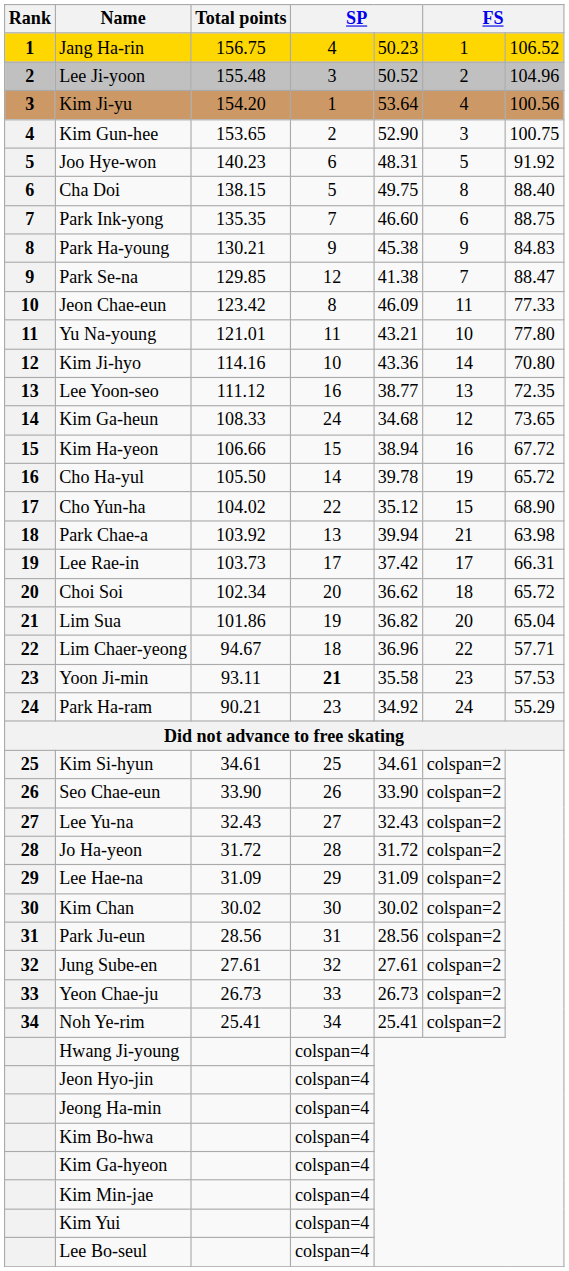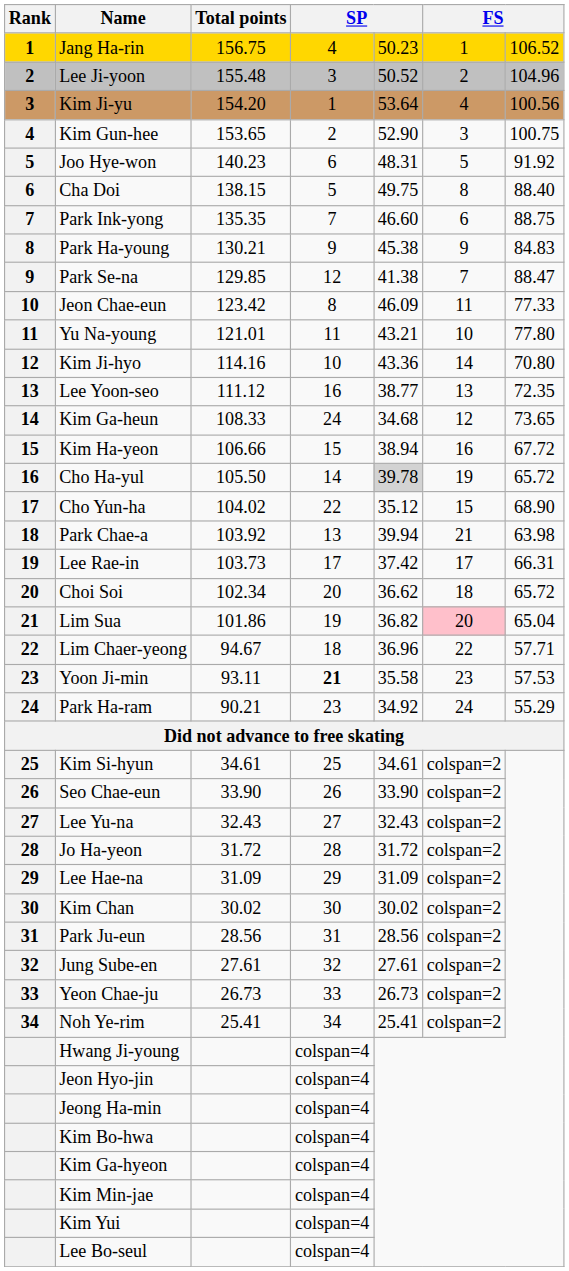 <table class="wikitable sortable">
 <tr>
 <th>Rank</th>
 <th>Name</th>
 <th>Total points</th>
 <th colspan="2" width="80px"><a href='#'>SP</a></th>
 <th colspan="2" width="80px"><a href='#'>FS</a></th>
 </tr>
 <tr bgcolor="gold">
 <td align="center"><strong>1</strong></td>
 <td>Jang Ha-rin</td>
 <td align="center">156.75</td>
 <td align="center">4</td>
 <td align="center">50.23</td>
 <td align="center">1</td>
 <td align="center">106.52</td>
 </tr>
 <tr bgcolor="silver">
 <td align="center"><strong>2</strong></td>
 <td>Lee Ji-yoon</td>
 <td align="center">155.48</td>
 <td align="center">3</td>
 <td align="center">50.52</td>
 <td align="center">2</td>
 <td align="center">104.96</td>
 </tr>
 <tr bgcolor="cc9966">
 <td align="center"><strong>3</strong></td>
 <td>Kim Ji-yu</td>
 <td align="center">154.20</td>
 <td align="center">1</td>
 <td align="center">53.64</td>
 <td align="center">4</td>
 <td align="center">100.56</td>
 </tr>
 <tr>
 <th>4</th>
 <td>Kim Gun-hee</td>
 <td align="center">153.65</td>
 <td align="center">2</td>
 <td align="center">52.90</td>
 <td align="center">3</td>
 <td align="center">100.75</td>
 </tr>
 <tr>
 <th>5</th>
 <td>Joo Hye-won</td>
 <td align="center">140.23</td>
 <td align="center">6</td>
 <td align="center">48.31</td>
 <td align="center">5</td>
 <td align="center">91.92</td>
 </tr>
 <tr>
 <th>6</th>
 <td>Cha Doi</td>
 <td align="center">138.15</td>
 <td align="center">5</td>
 <td align="center">49.75</td>
 <td align="center">8</td>
 <td align="center">88.40</td>
 </tr>
 <tr>
 <th>7</th>
 <td>Park Ink-yong</td>
 <td align="center">135.35</td>
 <td align="center">7</td>
 <td align="center">46.60</td>
 <td align="center">6</td>
 <td align="center">88.75</td>
 </tr>
 <tr>
 <th>8</th>
 <td>Park Ha-young</td>
 <td align="center">130.21</td>
 <td align="center">9</td>
 <td align="center">45.38</td>
 <td align="center">9</td>
 <td align="center">84.83</td>
 </tr>
 <tr>
 <th>9</th>
 <td>Park Se-na</td>
 <td align="center">129.85</td>
 <td align="center">12</td>
 <td align="center">41.38</td>
 <td align="center">7</td>
 <td align="center">88.47</td>
 </tr>
 <tr>
 <th>10</th>
 <td>Jeon Chae-eun</td>
 <td align="center">123.42</td>
 <td align="center">8</td>
 <td align="center">46.09</td>
 <td align="center">11</td>
 <td align="center">77.33</td>
 </tr>
 <tr>
 <th>11</th>
 <td>Yu Na-young</td>
 <td align="center">121.01</td>
 <td align="center">11</td>
 <td align="center">43.21</td>
 <td align="center">10</td>
 <td align="center">77.80</td>
 </tr>
 <tr>
 <th>12</th>
 <td>Kim Ji-hyo</td>
 <td align="center">114.16</td>
 <td align="center">10</td>
 <td align="center">43.36</td>
 <td align="center">14</td>
 <td align="center">70.80</td>
 </tr>
 <tr>
 <th>13</th>
 <td>Lee Yoon-seo</td>
 <td align="center">111.12</td>
 <td align="center">16</td>
 <td align="center">38.77</td>
 <td align="center">13</td>
 <td align="center">72.35</td>
 </tr>
 <tr>
 <th>14</th>
 <td>Kim Ga-heun</td>
 <td align="center">108.33</td>
 <td align="center">24</td>
 <td align="center">34.68</td>
 <td align="center">12</td>
 <td align="center">73.65</td>
 </tr>
 <tr>
 <th>15</th>
 <td>Kim Ha-yeon</td>
 <td align="center">106.66</td>
 <td align="center">15</td>
 <td align="center">38.94</td>
 <td align="center">16</td>
 <td align="center">67.72</td>
 </tr>
 <tr>
 <th>16</th>
 <td>Cho Ha-yul</td>
 <td align="center">105.50</td>
 <td align="center">14</td>
-<td align="center">39.78</td>
+<td align="center" style="background: lightgrey;">39.78</td>
 <td align="center">19</td>
 <td align="center">65.72</td>
 </tr>
 <tr>
 <th>17</th>
 <td>Cho Yun-ha</td>
 <td align="center">104.02</td>
 <td align="center">22</td>
 <td align="center">35.12</td>
 <td align="center">15</td>
 <td align="center">68.90</td>
 </tr>
 <tr>
 <th>18</th>
 <td>Park Chae-a</td>
 <td align="center">103.92</td>
 <td align="center">13</td>
 <td align="center">39.94</td>
 <td align="center">21</td>
 <td align="center">63.98</td>
 </tr>
 <tr>
 <th>19</th>
 <td>Lee Rae-in</td>
 <td align="center">103.73</td>
 <td align="center">17</td>
 <td align="center">37.42</td>
 <td align="center">17</td>
 <td align="center">66.31</td>
 </tr>
 <tr>
 <th>20</th>
 <td>Choi Soi</td>
 <td align="center">102.34</td>
 <td align="center">20</td>
 <td align="center">36.62</td>
 <td align="center">18</td>
 <td align="center">65.72</td>
 </tr>
 <tr>
 <th>21</th>
 <td>Lim Sua</td>
 <td align="center">101.86</td>
 <td align="center">19</td>
 <td align="center">36.82</td>
-<td align="center">20</td>
+<td align="center" style="background: pink;">20</td>
 <td align="center">65.04</td>
 </tr>
 <tr>
 <th>22</th>
 <td>Lim Chaer-yeong</td>
 <td align="center">94.67</td>
 <td align="center">18</td>
 <td align="center">36.96</td>
 <td align="center">22</td>
 <td align="center">57.71</td>
 </tr>
 <tr>
 <th>23</th>
 <td>Yoon Ji-min</td>
 <td align="center">93.11</td>
 <td align="center"><strong>21</strong></td>
 <td align="center">35.58</td>
 <td align="center">23</td>
 <td align="center">57.53</td>
 </tr>
 <tr>
 <th>24</th>
 <td>Park Ha-ram</td>
 <td align="center">90.21</td>
 <td align="center">23</td>
 <td align="center">34.92</td>
 <td align="center">24</td>
 <td align="center">55.29</td>
 </tr>
 <tr>
 <th colspan="7">Did not advance to free skating</th>
 </tr>
 <tr>
 <th>25</th>
 <td>Kim Si-hyun</td>
 <td align="center">34.61</td>
 <td align="center">25</td>
 <td align="center">34.61</td>
 <td>colspan=2 </td>
 </tr>
 <tr>
 <th>26</th>
 <td>Seo Chae-eun</td>
 <td align="center">33.90</td>
 <td align="center">26</td>
 <td align="center">33.90</td>
 <td>colspan=2 </td>
 </tr>
 <tr>
 <th>27</th>
 <td>Lee Yu-na</td>
 <td align="center">32.43</td>
 <td align="center">27</td>
 <td align="center">32.43</td>
 <td>colspan=2 </td>
 </tr>
 <tr>
 <th>28</th>
 <td>Jo Ha-yeon</td>
 <td align="center">31.72</td>
 <td align="center">28</td>
 <td align="center">31.72</td>
 <td>colspan=2 </td>
 </tr>
 <tr>
 <th>29</th>
 <td>Lee Hae-na</td>
 <td align="center">31.09</td>
 <td align="center">29</td>
 <td align="center">31.09</td>
 <td>colspan=2 </td>
 </tr>
 <tr>
 <th>30</th>
 <td>Kim Chan</td>
 <td align="center">30.02</td>
 <td align="center">30</td>
 <td align="center">30.02</td>
 <td>colspan=2 </td>
 </tr>
 <tr>
 <th>31</th>
 <td>Park Ju-eun</td>
 <td align="center">28.56</td>
 <td align="center">31</td>
 <td align="center">28.56</td>
 <td>colspan=2 </td>
 </tr>
 <tr>
 <th>32</th>
 <td>Jung Sube-en</td>
 <td align="center">27.61</td>
 <td align="center">32</td>
 <td align="center">27.61</td>
 <td>colspan=2 </td>
 </tr>
 <tr>
 <th>33</th>
 <td>Yeon Chae-ju</td>
 <td align="center">26.73</td>
 <td align="center">33</td>
 <td align="center">26.73</td>
 <td>colspan=2 </td>
 </tr>
 <tr>
 <th>34</th>
 <td>Noh Ye-rim</td>
 <td align="center">25.41</td>
 <td align="center">34</td>
 <td align="center">25.41</td>
 <td>colspan=2 </td>
 </tr>
 <tr>
 <th></th>
 <td>Hwang Ji-young</td>
 <td></td>
 <td>colspan=4 </td>
 </tr>
 <tr>
 <th></th>
 <td>Jeon Hyo-jin</td>
 <td></td>
 <td>colspan=4 </td>
 </tr>
 <tr>
 <th></th>
 <td>Jeong Ha-min</td>
 <td></td>
 <td>colspan=4 </td>
 </tr>
 <tr>
 <th></th>
 <td>Kim Bo-hwa</td>
 <td></td>
 <td>colspan=4 </td>
 </tr>
 <tr>
 <th></th>
 <td>Kim Ga-hyeon</td>
 <td></td>
 <td>colspan=4 </td>
 </tr>
 <tr>
 <th></th>
 <td>Kim Min-jae</td>
 <td></td>
 <td>colspan=4 </td>
 </tr>
 <tr>
 <th></th>
 <td>Kim Yui</td>
 <td></td>
 <td>colspan=4 </td>
 </tr>
 <tr>
 <th></th>
 <td>Lee Bo-seul</td>
 <td></td>
 <td>colspan=4 </td>
 </tr>
 </table>
